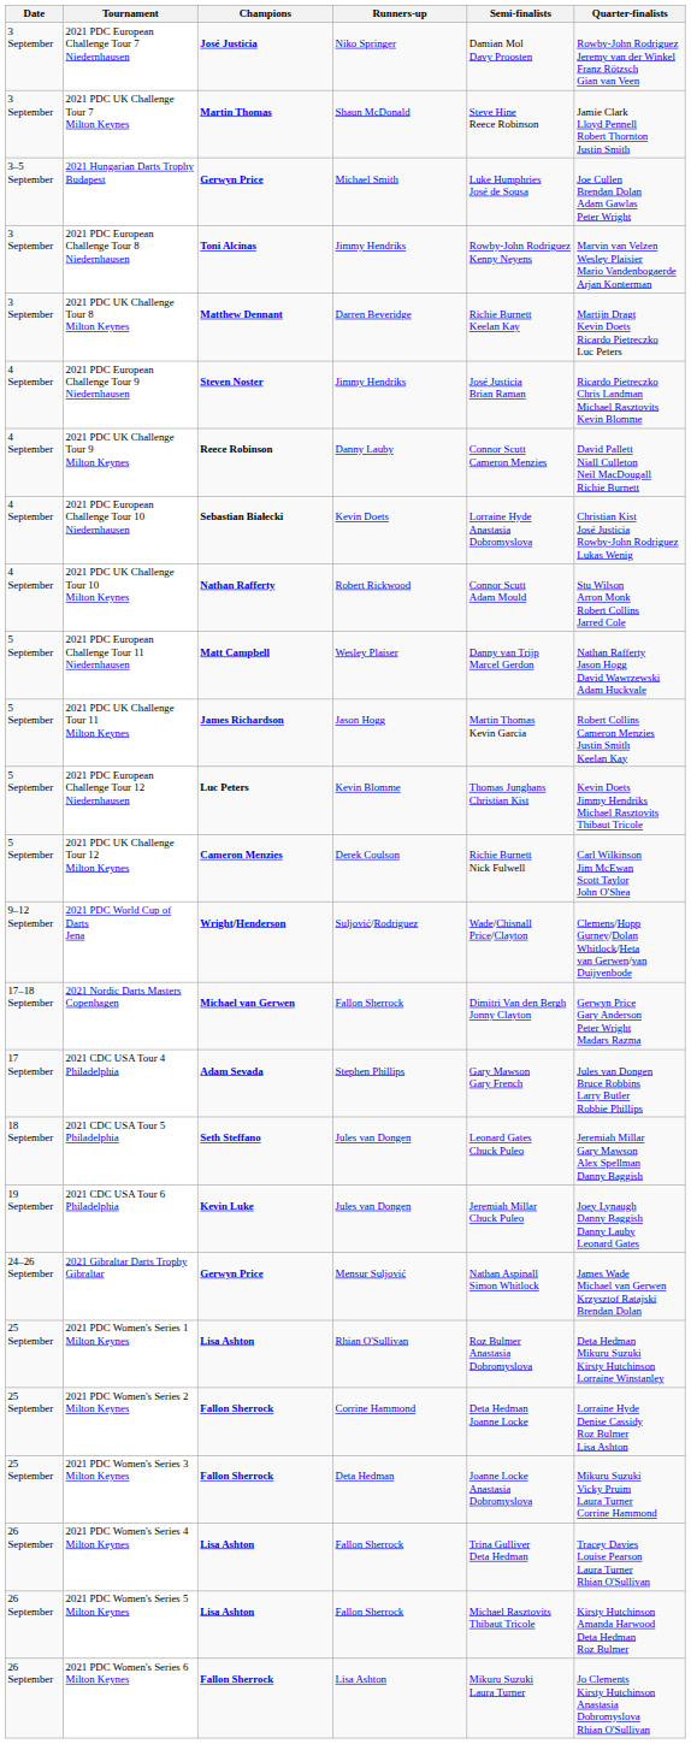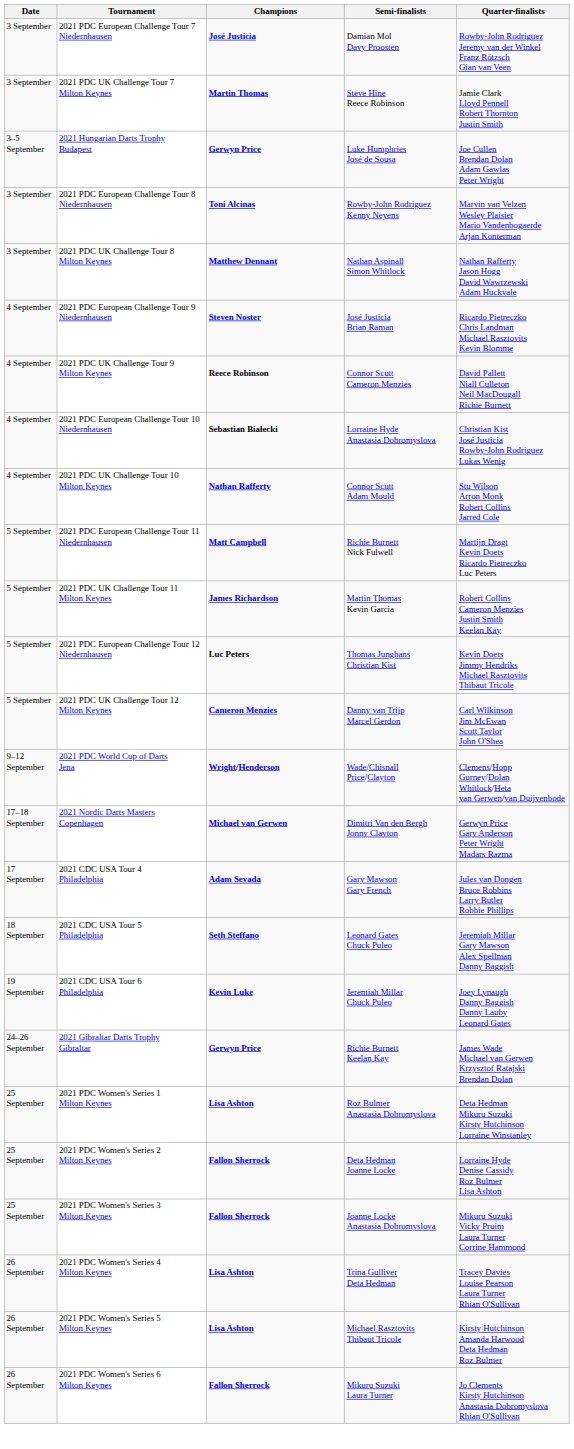 <table class=wikitable style=font-size:85%>
 <tr>
 <th width=75>Date</th>
 <th width=230>Tournament</th>
 <th width=210>Champions</th>
-<th width=210>Runners-up</th>
 <th width=170>Semi-finalists</th>
 <th width=170>Quarter-finalists</th>
 </tr>
 <tr valign="top">
 <td>3 September</td>
 <td bgcolor="#ffffff">2021 PDC European Challenge Tour 7<br> <a href='#'>Niedernhausen</a></td>
 <td><br> <strong><a href='#'>José Justicia</a></strong></td>
-<td><br> <a href='#'>Niko Springer</a></td>
 <td><br> Damian Mol <br>  <a href='#'>Davy Proosten</a></td>
 <td><br> <a href='#'>Rowby-John Rodriguez</a> <br>  <a href='#'>Jeremy van der Winkel</a> <br>  <a href='#'>Franz Rötzsch</a> <br>  <a href='#'>Gian van Veen</a></td>
 </tr>
 <tr valign="top">
 <td>3 September</td>
 <td bgcolor="#ffffff">2021 PDC UK Challenge Tour 7<br> <a href='#'>Milton Keynes</a></td>
 <td><br> <strong><a href='#'>Martin Thomas</a></strong></td>
-<td><br> <a href='#'>Shaun McDonald</a></td>
 <td><br> <a href='#'>Steve Hine</a> <br>  Reece Robinson</td>
 <td><br> Jamie Clark <br>  <a href='#'>Lloyd Pennell</a> <br>  <a href='#'>Robert Thornton</a> <br>  <a href='#'>Justin Smith</a></td>
 </tr>
 <tr valign="top">
 <td>3–5 September</td>
 <td bgcolor="#ffffff"><a href='#'>2021 Hungarian Darts Trophy</a><br> <a href='#'>Budapest</a></td>
 <td><br> <strong><a href='#'>Gerwyn Price</a></strong></td>
-<td><br> <a href='#'>Michael Smith</a></td>
 <td><br> <a href='#'>Luke Humphries</a> <br>  <a href='#'>José de Sousa</a></td>
 <td><br> <a href='#'>Joe Cullen</a> <br>  <a href='#'>Brendan Dolan</a> <br>  <a href='#'>Adam Gawlas</a> <br>  <a href='#'>Peter Wright</a></td>
 </tr>
 <tr valign="top">
 <td>3 September</td>
 <td bgcolor="#ffffff">2021 PDC European Challenge Tour 8<br> <a href='#'>Niedernhausen</a></td>
 <td><br> <strong><a href='#'>Toni Alcinas</a></strong></td>
-<td><br> <a href='#'>Jimmy Hendriks</a></td>
 <td><br> <a href='#'>Rowby-John Rodriguez</a> <br>  <a href='#'>Kenny Neyens</a></td>
 <td><br> <a href='#'>Marvin van Velzen</a> <br>  <a href='#'>Wesley Plaisier</a> <br>  <a href='#'>Mario Vandenbogaerde</a> <br>  <a href='#'>Arjan Konterman</a></td>
 </tr>
 <tr valign="top">
 <td>3 September</td>
 <td bgcolor="#ffffff">2021 PDC UK Challenge Tour 8<br> <a href='#'>Milton Keynes</a></td>
 <td><br> <strong><a href='#'>Matthew Dennant</a></strong></td>
-<td><br> <a href='#'>Darren Beveridge</a></td>
-<td><br> <a href='#'>Richie Burnett</a> <br>  <a href='#'>Keelan Kay</a></td>
-<td><br> <a href='#'>Martijn Dragt</a> <br>  <a href='#'>Kevin Doets</a> <br>  <a href='#'>Ricardo Pietreczko</a> <br>  Luc Peters</td>
+<td><br> <a href='#'>Nathan Aspinall</a> <br>  <a href='#'>Simon Whitlock</a></td>
+<td><br> <a href='#'>Nathan Rafferty</a> <br>  <a href='#'>Jason Hogg</a> <br>  <a href='#'>David Wawrzewski</a> <br>  <a href='#'>Adam Huckvale</a></td>
 </tr>
 <tr valign="top">
 <td>4 September</td>
 <td bgcolor="#ffffff">2021 PDC European Challenge Tour 9<br> <a href='#'>Niedernhausen</a></td>
 <td><br> <strong><a href='#'>Steven Noster</a></strong></td>
-<td><br> <a href='#'>Jimmy Hendriks</a></td>
 <td><br> <a href='#'>José Justicia</a> <br>  <a href='#'>Brian Raman</a></td>
 <td><br> <a href='#'>Ricardo Pietreczko</a>  <br>  <a href='#'>Chris Landman</a>  <br>  <a href='#'>Michael Rasztovits</a> <br>  <a href='#'>Kevin Blomme</a></td>
 </tr>
 <tr valign="top">
 <td>4 September</td>
 <td bgcolor="#ffffff">2021 PDC UK Challenge Tour 9<br> <a href='#'>Milton Keynes</a></td>
 <td><br> <strong>Reece Robinson</strong></td>
-<td><br> <a href='#'>Danny Lauby</a></td>
 <td><br> <a href='#'>Connor Scutt</a> <br>  <a href='#'>Cameron Menzies</a></td>
 <td><br> <a href='#'>David Pallett</a> <br>  <a href='#'>Niall Culleton</a> <br>  <a href='#'>Neil MacDougall</a> <br>  <a href='#'>Richie Burnett</a></td>
 </tr>
 <tr valign="top">
 <td>4 September</td>
 <td bgcolor="#ffffff">2021 PDC European Challenge Tour 10<br> <a href='#'>Niedernhausen</a></td>
 <td><br> <strong>Sebastian Białecki</strong></td>
-<td><br> <a href='#'>Kevin Doets</a></td>
 <td><br> <a href='#'>Lorraine Hyde</a> <br>  <a href='#'>Anastasia Dobromyslova</a></td>
 <td><br> <a href='#'>Christian Kist</a> <br>  <a href='#'>José Justicia</a> <br>  <a href='#'>Rowby-John Rodriguez</a> <br>  <a href='#'>Lukas Wenig</a></td>
 </tr>
 <tr valign="top">
 <td>4 September</td>
 <td bgcolor="#ffffff">2021 PDC UK Challenge Tour 10<br> <a href='#'>Milton Keynes</a></td>
 <td><br> <strong><a href='#'>Nathan Rafferty</a></strong></td>
-<td><br> <a href='#'>Robert Rickwood</a></td>
 <td><br> <a href='#'>Connor Scutt</a> <br>  <a href='#'>Adam Mould</a></td>
 <td><br> <a href='#'>Stu Wilson</a> <br>  <a href='#'>Arron Monk</a> <br>  <a href='#'>Robert Collins</a> <br>  <a href='#'>Jarred Cole</a></td>
 </tr>
 <tr valign="top">
 <td>5 September</td>
 <td bgcolor="#ffffff">2021 PDC European Challenge Tour 11<br> <a href='#'>Niedernhausen</a></td>
 <td><br> <strong><a href='#'>Matt Campbell</a></strong></td>
-<td><br> <a href='#'>Wesley Plaiser</a></td>
-<td><br> <a href='#'>Danny van Trijp</a> <br>  <a href='#'>Marcel Gerdon</a></td>
-<td><br> <a href='#'>Nathan Rafferty</a> <br>  <a href='#'>Jason Hogg</a> <br>  <a href='#'>David Wawrzewski</a> <br>  <a href='#'>Adam Huckvale</a></td>
+<td><br> <a href='#'>Richie Burnett</a> <br>  Nick Fulwell</td>
+<td><br> <a href='#'>Martijn Dragt</a> <br>  <a href='#'>Kevin Doets</a> <br>  <a href='#'>Ricardo Pietreczko</a> <br>  Luc Peters</td>
 </tr>
 <tr valign="top">
 <td>5 September</td>
 <td bgcolor="#ffffff">2021 PDC UK Challenge Tour 11<br> <a href='#'>Milton Keynes</a></td>
 <td><br> <strong><a href='#'>James Richardson</a></strong></td>
-<td><br> <a href='#'>Jason Hogg</a></td>
 <td><br> <a href='#'>Martin Thomas</a> <br>  Kevin Garcia</td>
 <td><br> <a href='#'>Robert Collins</a> <br>  <a href='#'>Cameron Menzies</a> <br>  <a href='#'>Justin Smith</a> <br>  <a href='#'>Keelan Kay</a></td>
 </tr>
 <tr valign="top">
 <td>5 September</td>
 <td bgcolor="#ffffff">2021 PDC European Challenge Tour 12<br> <a href='#'>Niedernhausen</a></td>
 <td><br> <strong>Luc Peters</strong></td>
-<td><br> <a href='#'>Kevin Blomme</a></td>
 <td><br> <a href='#'>Thomas Junghans</a> <br>  <a href='#'>Christian Kist</a></td>
 <td><br> <a href='#'>Kevin Doets</a> <br>  <a href='#'>Jimmy Hendriks</a> <br>  <a href='#'>Michael Rasztovits</a> <br>  <a href='#'>Thibaut Tricole</a></td>
 </tr>
 <tr valign="top">
 <td>5 September</td>
 <td bgcolor="#ffffff">2021 PDC UK Challenge Tour 12<br> <a href='#'>Milton Keynes</a></td>
 <td><br> <strong><a href='#'>Cameron Menzies</a></strong></td>
-<td><br> <a href='#'>Derek Coulson</a></td>
-<td><br> <a href='#'>Richie Burnett</a> <br>  Nick Fulwell</td>
+<td><br> <a href='#'>Danny van Trijp</a> <br>  <a href='#'>Marcel Gerdon</a></td>
 <td><br> <a href='#'>Carl Wilkinson</a> <br>  <a href='#'>Jim McEwan</a> <br>  <a href='#'>Scott Taylor</a> <br>  <a href='#'>John O'Shea</a></td>
 </tr>
 <tr valign="top">
 <td>9–12 September</td>
 <td bgcolor="#ffffff"><a href='#'>2021 PDC World Cup of Darts</a><br> <a href='#'>Jena</a></td>
 <td><br> <strong><a href='#'>Wright</a>/<a href='#'>Henderson</a></strong></td>
-<td><br> <a href='#'>Suljović</a>/<a href='#'>Rodriguez</a></td>
 <td><br> <a href='#'>Wade</a>/<a href='#'>Chisnall</a> <br>  <a href='#'>Price</a>/<a href='#'>Clayton</a></td>
 <td><br> <a href='#'>Clemens</a>/<a href='#'>Hopp</a> <br>  <a href='#'>Gurney</a>/<a href='#'>Dolan</a> <br>  <a href='#'>Whitlock</a>/<a href='#'>Heta</a> <br>  <a href='#'>van Gerwen</a>/<a href='#'>van Duijvenbode</a></td>
 </tr>
 <tr valign="top">
 <td>17–18 September</td>
 <td bgcolor="#ffffff"><a href='#'>2021 Nordic Darts Masters</a><br> <a href='#'>Copenhagen</a></td>
 <td><br> <strong><a href='#'>Michael van Gerwen</a></strong></td>
-<td><br> <a href='#'>Fallon Sherrock</a></td>
 <td><br> <a href='#'>Dimitri Van den Bergh</a> <br>  <a href='#'>Jonny Clayton</a></td>
 <td><br> <a href='#'>Gerwyn Price</a>  <br>  <a href='#'>Gary Anderson</a> <br>  <a href='#'>Peter Wright</a> <br>  <a href='#'>Madars Razma</a></td>
 </tr>
 <tr valign="top">
 <td>17 September</td>
 <td bgcolor="#ffffff">2021 CDC USA Tour 4<br> <a href='#'>Philadelphia</a></td>
 <td><br> <strong><a href='#'>Adam Sevada</a></strong></td>
-<td><br> <a href='#'>Stephen Phillips</a></td>
 <td><br> <a href='#'>Gary Mawson</a> <br>  <a href='#'>Gary French</a></td>
 <td><br> <a href='#'>Jules van Dongen</a> <br>  <a href='#'>Bruce Robbins</a> <br>  <a href='#'>Larry Butler</a> <br>  <a href='#'>Robbie Phillips</a></td>
 </tr>
 <tr valign="top">
 <td>18 September</td>
 <td bgcolor="#ffffff">2021 CDC USA Tour 5<br> <a href='#'>Philadelphia</a></td>
 <td><br> <strong><a href='#'>Seth Steffano</a></strong></td>
-<td><br> <a href='#'>Jules van Dongen</a></td>
 <td><br> <a href='#'>Leonard Gates</a> <br>  <a href='#'>Chuck Puleo</a></td>
 <td><br> <a href='#'>Jeremiah Millar</a> <br>  <a href='#'>Gary Mawson</a> <br>  <a href='#'>Alex Spellman</a> <br>  <a href='#'>Danny Baggish</a></td>
 </tr>
 <tr valign="top">
 <td>19 September</td>
 <td bgcolor="#ffffff">2021 CDC USA Tour 6<br> <a href='#'>Philadelphia</a></td>
 <td><br> <strong><a href='#'>Kevin Luke</a></strong></td>
-<td><br> <a href='#'>Jules van Dongen</a></td>
 <td><br> <a href='#'>Jeremiah Millar</a> <br>  <a href='#'>Chuck Puleo</a></td>
 <td><br> <a href='#'>Joey Lynaugh</a> <br>  <a href='#'>Danny Baggish</a> <br>  <a href='#'>Danny Lauby</a> <br>  <a href='#'>Leonard Gates</a></td>
 </tr>
 <tr valign="top">
 <td>24–26 September</td>
 <td bgcolor="#ffffff"><a href='#'>2021 Gibraltar Darts Trophy</a><br> <a href='#'>Gibraltar</a></td>
 <td><br> <strong><a href='#'>Gerwyn Price</a></strong></td>
-<td><br> <a href='#'>Mensur Suljović</a></td>
-<td><br> <a href='#'>Nathan Aspinall</a> <br>  <a href='#'>Simon Whitlock</a></td>
+<td><br> <a href='#'>Richie Burnett</a> <br>  <a href='#'>Keelan Kay</a></td>
 <td><br> <a href='#'>James Wade</a> <br>  <a href='#'>Michael van Gerwen</a> <br>  <a href='#'>Krzysztof Ratajski</a> <br>  <a href='#'>Brendan Dolan</a></td>
 </tr>
 <tr valign="top">
 <td>25 September</td>
 <td bgcolor="#ffffff">2021 PDC Women's Series 1<br> <a href='#'>Milton Keynes</a></td>
 <td><br> <strong><a href='#'>Lisa Ashton</a></strong></td>
-<td><br> <a href='#'>Rhian O'Sullivan</a></td>
 <td><br> <a href='#'>Roz Bulmer</a> <br>  <a href='#'>Anastasia Dobromyslova</a></td>
 <td><br> <a href='#'>Deta Hedman</a> <br>  <a href='#'>Mikuru Suzuki</a> <br>  <a href='#'>Kirsty Hutchinson</a> <br>  <a href='#'>Lorraine Winstanley</a></td>
 </tr>
 <tr valign="top">
 <td>25 September</td>
 <td bgcolor="#ffffff">2021 PDC Women's Series 2<br> <a href='#'>Milton Keynes</a></td>
 <td><br> <strong><a href='#'>Fallon Sherrock</a></strong></td>
-<td><br> <a href='#'>Corrine Hammond</a></td>
 <td><br> <a href='#'>Deta Hedman</a> <br>  <a href='#'>Joanne Locke</a></td>
 <td><br> <a href='#'>Lorraine Hyde</a> <br>  <a href='#'>Denise Cassidy</a> <br>  <a href='#'>Roz Bulmer</a> <br>  <a href='#'>Lisa Ashton</a></td>
 </tr>
 <tr valign="top">
 <td>25 September</td>
 <td bgcolor="#ffffff">2021 PDC Women's Series 3<br> <a href='#'>Milton Keynes</a></td>
 <td><br> <strong><a href='#'>Fallon Sherrock</a></strong></td>
-<td><br> <a href='#'>Deta Hedman</a></td>
 <td><br> <a href='#'>Joanne Locke</a> <br>  <a href='#'>Anastasia Dobromyslova</a></td>
 <td><br> <a href='#'>Mikuru Suzuki</a> <br>  <a href='#'>Vicky Pruim</a> <br>  <a href='#'>Laura Turner</a> <br>  <a href='#'>Corrine Hammond</a></td>
 </tr>
 <tr valign="top">
 <td>26 September</td>
 <td bgcolor="#ffffff">2021 PDC Women's Series 4<br> <a href='#'>Milton Keynes</a></td>
 <td><br> <strong><a href='#'>Lisa Ashton</a></strong></td>
-<td><br> <a href='#'>Fallon Sherrock</a></td>
 <td><br> <a href='#'>Trina Gulliver</a> <br>  <a href='#'>Deta Hedman</a></td>
 <td><br> <a href='#'>Tracey Davies</a> <br>  <a href='#'>Louise Pearson</a> <br>  <a href='#'>Laura Turner</a> <br>  <a href='#'>Rhian O'Sullivan</a></td>
 </tr>
 <tr valign="top">
 <td>26 September</td>
 <td bgcolor="#ffffff">2021 PDC Women's Series 5<br> <a href='#'>Milton Keynes</a></td>
 <td><br> <strong><a href='#'>Lisa Ashton</a></strong></td>
-<td><br> <a href='#'>Fallon Sherrock</a></td>
 <td><br> <a href='#'>Michael Rasztovits</a> <br>  <a href='#'>Thibaut Tricole</a></td>
 <td><br> <a href='#'>Kirsty Hutchinson</a> <br>  <a href='#'>Amanda Harwood</a> <br>  <a href='#'>Deta Hedman</a> <br>  <a href='#'>Roz Bulmer</a></td>
 </tr>
 <tr valign="top">
 <td>26 September</td>
 <td bgcolor="#ffffff">2021 PDC Women's Series 6<br> <a href='#'>Milton Keynes</a></td>
 <td><br> <strong><a href='#'>Fallon Sherrock</a></strong></td>
-<td><br> <a href='#'>Lisa Ashton</a></td>
 <td><br> <a href='#'>Mikuru Suzuki</a> <br>  <a href='#'>Laura Turner</a></td>
 <td><br> <a href='#'>Jo Clements</a> <br>  <a href='#'>Kirsty Hutchinson</a> <br>  <a href='#'>Anastasia Dobromyslova</a> <br>  <a href='#'>Rhian O'Sullivan</a></td>
 </tr>
 </table>
